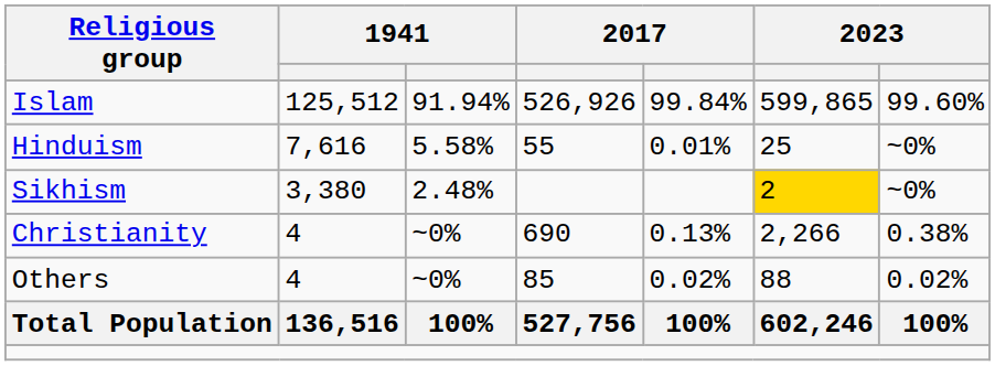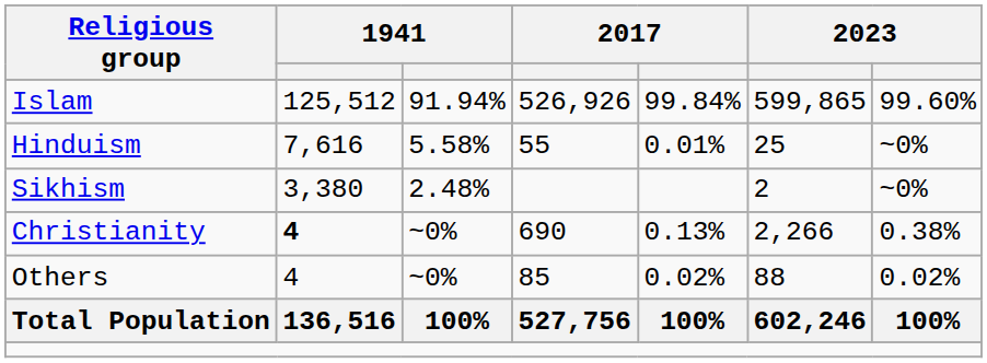 <table class="wikitable sortable">
 <tr>
 <th rowspan="2"><a href='#'>Religious</a><br>group</th>
 <th colspan="2">1941</th>
 <th colspan="2">2017</th>
 <th colspan="2">2023</th>
 </tr>
 <tr>
 <th><a href='#'></a></th>
 <th></th>
 <th></th>
 <th></th>
 <th></th>
 <th></th>
 </tr>
 <tr>
 <td><a href='#'>Islam</a> </td>
 <td>125,512</td>
 <td>91.94%</td>
 <td>526,926</td>
 <td>99.84%</td>
 <td>599,865</td>
 <td>99.60%</td>
 </tr>
 <tr>
 <td><a href='#'>Hinduism</a> </td>
 <td>7,616</td>
 <td>5.58%</td>
 <td>55</td>
 <td>0.01%</td>
 <td>25</td>
 <td>~0%</td>
 </tr>
 <tr>
 <td><a href='#'>Sikhism</a> </td>
 <td>3,380</td>
 <td>2.48%</td>
 <td></td>
 <td></td>
-<td style="background: gold;">2</td>
+<td>2</td>
 <td>~0%</td>
 </tr>
 <tr>
 <td><a href='#'>Christianity</a> </td>
-<td>4</td>
+<td><strong>4</strong></td>
 <td>~0%</td>
 <td>690</td>
 <td>0.13%</td>
 <td>2,266</td>
 <td>0.38%</td>
 </tr>
 <tr>
 <td>Others</td>
 <td>4</td>
 <td>~0%</td>
 <td>85</td>
 <td>0.02%</td>
 <td>88</td>
 <td>0.02%</td>
 </tr>
 <tr>
 <th>Total Population</th>
 <th>136,516</th>
 <th>100%</th>
 <th>527,756</th>
 <th>100%</th>
 <th>602,246</th>
 <th>100%</th>
 </tr>
 <tr class="sortbottom">
 <td colspan="7"></td>
 </tr>
 </table>
